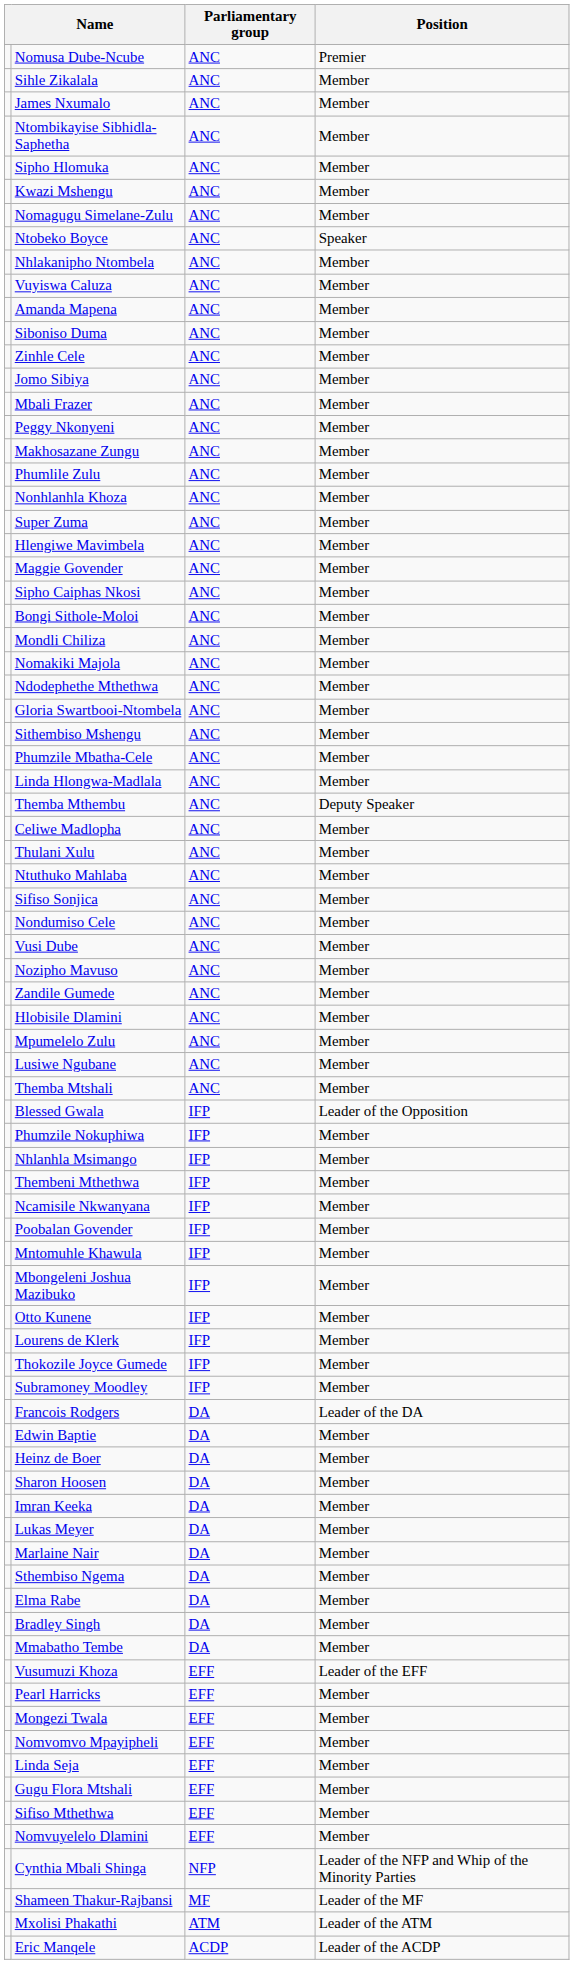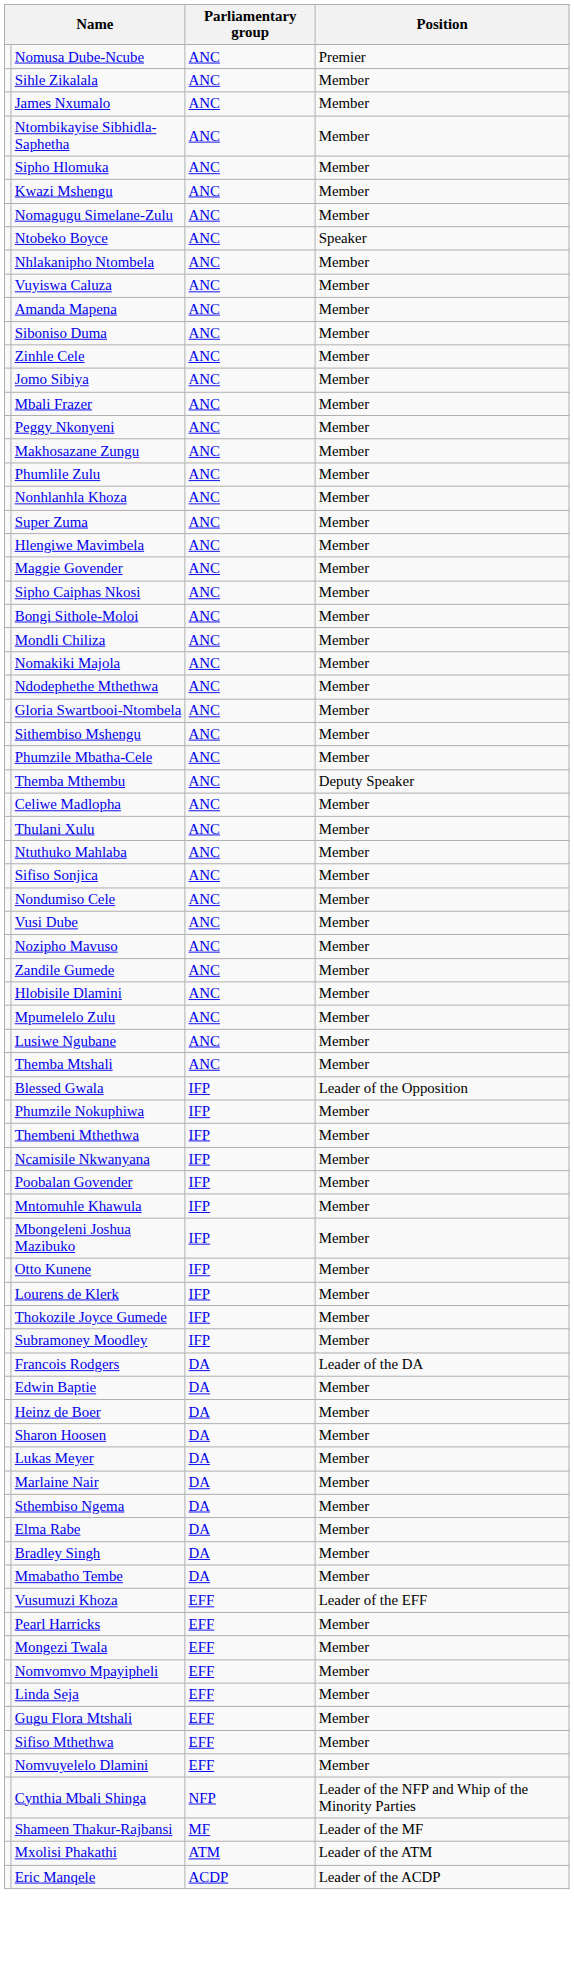 <table class="wikitable sortable plainrowheaders">
 <tr>
 <th scope=col colspan=2>Name</th>
 <th scope=col>Parliamentary group</th>
 <th scope=col>Position</th>
 </tr>
 <tr>
 <td style="background-color: "></td>
 <td><a href='#'>Nomusa Dube-Ncube</a></td>
 <td><a href='#'>ANC</a></td>
 <td>Premier</td>
 </tr>
 <tr>
 <td style="background-color: "></td>
 <td><a href='#'>Sihle Zikalala</a></td>
 <td><a href='#'>ANC</a></td>
 <td>Member</td>
 </tr>
 <tr>
 <td style="background-color: "></td>
 <td><a href='#'>James Nxumalo</a></td>
 <td><a href='#'>ANC</a></td>
 <td>Member</td>
 </tr>
 <tr>
 <td style="background-color: "></td>
 <td><a href='#'>Ntombikayise Sibhidla-Saphetha</a></td>
 <td><a href='#'>ANC</a></td>
 <td>Member</td>
 </tr>
 <tr>
 <td style="background-color: "></td>
 <td><a href='#'>Sipho Hlomuka</a></td>
 <td><a href='#'>ANC</a></td>
 <td>Member</td>
 </tr>
 <tr>
 <td style="background-color: "></td>
 <td><a href='#'>Kwazi Mshengu</a></td>
 <td><a href='#'>ANC</a></td>
 <td>Member</td>
 </tr>
 <tr>
 <td style="background-color: "></td>
 <td><a href='#'>Nomagugu Simelane-Zulu</a></td>
 <td><a href='#'>ANC</a></td>
 <td>Member</td>
 </tr>
 <tr>
 <td style="background-color: "></td>
 <td><a href='#'>Ntobeko Boyce</a></td>
 <td><a href='#'>ANC</a></td>
 <td>Speaker</td>
 </tr>
 <tr>
 <td style="background-color: "></td>
 <td><a href='#'>Nhlakanipho Ntombela</a></td>
 <td><a href='#'>ANC</a></td>
 <td>Member</td>
 </tr>
 <tr>
 <td style="background-color: "></td>
 <td><a href='#'>Vuyiswa Caluza</a></td>
 <td><a href='#'>ANC</a></td>
 <td>Member</td>
 </tr>
 <tr>
 <td style="background-color: "></td>
 <td><a href='#'>Amanda Mapena</a></td>
 <td><a href='#'>ANC</a></td>
 <td>Member</td>
 </tr>
 <tr>
 <td style="background-color: "></td>
 <td><a href='#'>Siboniso Duma</a></td>
 <td><a href='#'>ANC</a></td>
 <td>Member</td>
 </tr>
 <tr>
 <td style="background-color: "></td>
 <td><a href='#'>Zinhle Cele</a></td>
 <td><a href='#'>ANC</a></td>
 <td>Member</td>
 </tr>
 <tr>
 <td style="background-color: "></td>
 <td><a href='#'>Jomo Sibiya</a></td>
 <td><a href='#'>ANC</a></td>
 <td>Member</td>
 </tr>
 <tr>
 <td style="background-color: "></td>
 <td><a href='#'>Mbali Frazer</a></td>
 <td><a href='#'>ANC</a></td>
 <td>Member</td>
 </tr>
 <tr>
 <td style="background-color: "></td>
 <td><a href='#'>Peggy Nkonyeni</a></td>
 <td><a href='#'>ANC</a></td>
 <td>Member</td>
 </tr>
 <tr>
 <td style="background-color: "></td>
 <td><a href='#'>Makhosazane Zungu</a></td>
 <td><a href='#'>ANC</a></td>
 <td>Member</td>
 </tr>
 <tr>
 <td style="background-color: "></td>
 <td><a href='#'>Phumlile Zulu</a></td>
 <td><a href='#'>ANC</a></td>
 <td>Member</td>
 </tr>
 <tr>
 <td style="background-color: "></td>
 <td><a href='#'>Nonhlanhla Khoza</a></td>
 <td><a href='#'>ANC</a></td>
 <td>Member</td>
 </tr>
 <tr>
 <td style="background-color: "></td>
 <td><a href='#'>Super Zuma</a></td>
 <td><a href='#'>ANC</a></td>
 <td>Member</td>
 </tr>
 <tr>
 <td style="background-color: "></td>
 <td><a href='#'>Hlengiwe Mavimbela</a></td>
 <td><a href='#'>ANC</a></td>
 <td>Member</td>
 </tr>
 <tr>
 <td style="background-color: "></td>
 <td><a href='#'>Maggie Govender</a></td>
 <td><a href='#'>ANC</a></td>
 <td>Member</td>
 </tr>
 <tr>
 <td style="background-color: "></td>
 <td><a href='#'>Sipho Caiphas Nkosi</a></td>
 <td><a href='#'>ANC</a></td>
 <td>Member</td>
 </tr>
 <tr>
 <td style="background-color: "></td>
 <td><a href='#'>Bongi Sithole-Moloi</a></td>
 <td><a href='#'>ANC</a></td>
 <td>Member</td>
 </tr>
 <tr>
 <td style="background-color: "></td>
 <td><a href='#'>Mondli Chiliza</a></td>
 <td><a href='#'>ANC</a></td>
 <td>Member</td>
 </tr>
 <tr>
 <td style="background-color: "></td>
 <td><a href='#'>Nomakiki Majola</a></td>
 <td><a href='#'>ANC</a></td>
 <td>Member</td>
 </tr>
 <tr>
 <td style="background-color: "></td>
 <td><a href='#'>Ndodephethe Mthethwa</a></td>
 <td><a href='#'>ANC</a></td>
 <td>Member</td>
 </tr>
 <tr>
 <td style="background-color: "></td>
 <td><a href='#'>Gloria Swartbooi-Ntombela</a></td>
 <td><a href='#'>ANC</a></td>
 <td>Member</td>
 </tr>
 <tr>
 <td style="background-color: "></td>
 <td><a href='#'>Sithembiso Mshengu</a></td>
 <td><a href='#'>ANC</a></td>
 <td>Member</td>
 </tr>
 <tr>
 <td style="background-color: "></td>
 <td><a href='#'>Phumzile Mbatha-Cele</a></td>
 <td><a href='#'>ANC</a></td>
 <td>Member</td>
 </tr>
 <tr>
 <td style="background-color: "></td>
-<td><a href='#'>Linda Hlongwa-Madlala</a></td>
-<td><a href='#'>ANC</a></td>
-<td>Member</td>
-</tr>
-<tr>
-<td style="background-color: "></td>
 <td><a href='#'>Themba Mthembu</a></td>
 <td><a href='#'>ANC</a></td>
 <td>Deputy Speaker</td>
 </tr>
 <tr>
 <td style="background-color: "></td>
 <td><a href='#'>Celiwe Madlopha</a></td>
 <td><a href='#'>ANC</a></td>
 <td>Member</td>
 </tr>
 <tr>
 <td style="background-color: "></td>
 <td><a href='#'>Thulani Xulu</a></td>
 <td><a href='#'>ANC</a></td>
 <td>Member</td>
 </tr>
 <tr>
 <td style="background-color: "></td>
 <td><a href='#'>Ntuthuko Mahlaba</a></td>
 <td><a href='#'>ANC</a></td>
 <td>Member</td>
 </tr>
 <tr>
 <td style="background-color: "></td>
 <td><a href='#'>Sifiso Sonjica</a></td>
 <td><a href='#'>ANC</a></td>
 <td>Member</td>
 </tr>
 <tr>
 <td style="background-color: "></td>
 <td><a href='#'>Nondumiso Cele</a></td>
 <td><a href='#'>ANC</a></td>
 <td>Member</td>
 </tr>
 <tr>
 <td style="background-color: "></td>
 <td><a href='#'>Vusi Dube</a></td>
 <td><a href='#'>ANC</a></td>
 <td>Member</td>
 </tr>
 <tr>
 <td style="background-color: "></td>
 <td><a href='#'>Nozipho Mavuso</a></td>
 <td><a href='#'>ANC</a></td>
 <td>Member</td>
 </tr>
 <tr>
 <td style="background-color: "></td>
 <td><a href='#'>Zandile Gumede</a></td>
 <td><a href='#'>ANC</a></td>
 <td>Member</td>
 </tr>
 <tr>
 <td style="background-color: "></td>
 <td><a href='#'>Hlobisile Dlamini</a></td>
 <td><a href='#'>ANC</a></td>
 <td>Member</td>
 </tr>
 <tr>
 <td style="background-color: "></td>
 <td><a href='#'>Mpumelelo Zulu</a></td>
 <td><a href='#'>ANC</a></td>
 <td>Member</td>
 </tr>
 <tr>
 <td style="background-color: "></td>
 <td><a href='#'>Lusiwe Ngubane</a></td>
 <td><a href='#'>ANC</a></td>
 <td>Member</td>
 </tr>
 <tr>
 <td style="background-color: "></td>
 <td><a href='#'>Themba Mtshali</a></td>
 <td><a href='#'>ANC</a></td>
 <td>Member</td>
 </tr>
 <tr>
 <td style="background-color: "></td>
 <td><a href='#'>Blessed Gwala</a></td>
 <td><a href='#'>IFP</a></td>
 <td>Leader of the Opposition</td>
 </tr>
 <tr>
 <td style="background-color: "></td>
 <td><a href='#'>Phumzile Nokuphiwa</a></td>
 <td><a href='#'>IFP</a></td>
 <td>Member</td>
 </tr>
 <tr>
 <td style="background-color: "></td>
-<td><a href='#'>Nhlanhla Msimango</a></td>
-<td><a href='#'>IFP</a></td>
-<td>Member</td>
-</tr>
-<tr>
-<td style="background-color: "></td>
 <td><a href='#'>Thembeni Mthethwa</a></td>
 <td><a href='#'>IFP</a></td>
 <td>Member</td>
 </tr>
 <tr>
 <td style="background-color: "></td>
 <td><a href='#'>Ncamisile Nkwanyana</a></td>
 <td><a href='#'>IFP</a></td>
 <td>Member</td>
 </tr>
 <tr>
 <td style="background-color: "></td>
 <td><a href='#'>Poobalan Govender</a></td>
 <td><a href='#'>IFP</a></td>
 <td>Member</td>
 </tr>
 <tr>
 <td style="background-color: "></td>
 <td><a href='#'>Mntomuhle Khawula</a></td>
 <td><a href='#'>IFP</a></td>
 <td>Member</td>
 </tr>
 <tr>
 <td style="background-color: "></td>
 <td><a href='#'>Mbongeleni Joshua Mazibuko</a></td>
 <td><a href='#'>IFP</a></td>
 <td>Member</td>
 </tr>
 <tr>
 <td style="background-color: "></td>
 <td><a href='#'>Otto Kunene</a></td>
 <td><a href='#'>IFP</a></td>
 <td>Member</td>
 </tr>
 <tr>
 <td style="background-color: "></td>
 <td><a href='#'>Lourens de Klerk</a></td>
 <td><a href='#'>IFP</a></td>
 <td>Member</td>
 </tr>
 <tr>
 <td style="background-color: "></td>
 <td><a href='#'>Thokozile Joyce Gumede</a></td>
 <td><a href='#'>IFP</a></td>
 <td>Member</td>
 </tr>
 <tr>
 <td style="background-color: "></td>
 <td><a href='#'>Subramoney Moodley</a></td>
 <td><a href='#'>IFP</a></td>
 <td>Member</td>
 </tr>
 <tr>
 <td style="background-color: "></td>
 <td><a href='#'>Francois Rodgers</a></td>
 <td><a href='#'>DA</a></td>
 <td>Leader of the DA</td>
 </tr>
 <tr>
 <td style="background-color: "></td>
 <td><a href='#'>Edwin Baptie</a></td>
 <td><a href='#'>DA</a></td>
 <td>Member</td>
 </tr>
 <tr>
 <td style="background-color: "></td>
 <td><a href='#'>Heinz de Boer</a></td>
 <td><a href='#'>DA</a></td>
 <td>Member</td>
 </tr>
 <tr>
 <td style="background-color: "></td>
 <td><a href='#'>Sharon Hoosen</a></td>
-<td><a href='#'>DA</a></td>
-<td>Member</td>
-</tr>
-<tr>
-<td style="background-color: "></td>
-<td><a href='#'>Imran Keeka</a></td>
 <td><a href='#'>DA</a></td>
 <td>Member</td>
 </tr>
 <tr>
 <td style="background-color: "></td>
 <td><a href='#'>Lukas Meyer</a></td>
 <td><a href='#'>DA</a></td>
 <td>Member</td>
 </tr>
 <tr>
 <td style="background-color: "></td>
 <td><a href='#'>Marlaine Nair</a></td>
 <td><a href='#'>DA</a></td>
 <td>Member</td>
 </tr>
 <tr>
 <td style="background-color: "></td>
 <td><a href='#'>Sthembiso Ngema</a></td>
 <td><a href='#'>DA</a></td>
 <td>Member</td>
 </tr>
 <tr>
 <td style="background-color: "></td>
 <td><a href='#'>Elma Rabe</a></td>
 <td><a href='#'>DA</a></td>
 <td>Member</td>
 </tr>
 <tr>
 <td style="background-color: "></td>
 <td><a href='#'>Bradley Singh</a></td>
 <td><a href='#'>DA</a></td>
 <td>Member</td>
 </tr>
 <tr>
 <td style="background-color: "></td>
 <td><a href='#'>Mmabatho Tembe</a></td>
 <td><a href='#'>DA</a></td>
 <td>Member</td>
 </tr>
 <tr>
 <td style="background-color: "></td>
 <td><a href='#'>Vusumuzi Khoza</a></td>
 <td><a href='#'>EFF</a></td>
 <td>Leader of the EFF</td>
 </tr>
 <tr>
 <td style="background-color: "></td>
 <td><a href='#'>Pearl Harricks</a></td>
 <td><a href='#'>EFF</a></td>
 <td>Member</td>
 </tr>
 <tr>
 <td style="background-color: "></td>
 <td><a href='#'>Mongezi Twala</a></td>
 <td><a href='#'>EFF</a></td>
 <td>Member</td>
 </tr>
 <tr>
 <td style="background-color: "></td>
 <td><a href='#'>Nomvomvo Mpayipheli</a></td>
 <td><a href='#'>EFF</a></td>
 <td>Member</td>
 </tr>
 <tr>
 <td style="background-color: "></td>
 <td><a href='#'>Linda Seja</a></td>
 <td><a href='#'>EFF</a></td>
 <td>Member</td>
 </tr>
 <tr>
 <td style="background-color: "></td>
 <td><a href='#'>Gugu Flora Mtshali</a></td>
 <td><a href='#'>EFF</a></td>
 <td>Member</td>
 </tr>
 <tr>
 <td style="background-color: "></td>
 <td><a href='#'>Sifiso Mthethwa</a></td>
 <td><a href='#'>EFF</a></td>
 <td>Member</td>
 </tr>
 <tr>
 <td style="background-color: "></td>
 <td><a href='#'>Nomvuyelelo Dlamini</a></td>
 <td><a href='#'>EFF</a></td>
 <td>Member</td>
 </tr>
 <tr>
 <td style="background-color: "></td>
 <td><a href='#'>Cynthia Mbali Shinga</a></td>
 <td><a href='#'>NFP</a></td>
 <td>Leader of the NFP and Whip of the Minority Parties</td>
 </tr>
 <tr>
 <td style="background-color: "></td>
 <td><a href='#'>Shameen Thakur-Rajbansi</a></td>
 <td><a href='#'>MF</a></td>
 <td>Leader of the MF</td>
 </tr>
 <tr>
 <td style="background-color: "></td>
 <td><a href='#'>Mxolisi Phakathi</a></td>
 <td><a href='#'>ATM</a></td>
 <td>Leader of the ATM</td>
 </tr>
 <tr>
 <td style="background-color: "></td>
 <td><a href='#'>Eric Manqele</a></td>
 <td><a href='#'>ACDP</a></td>
 <td>Leader of the ACDP</td>
 </tr>
 </table>
